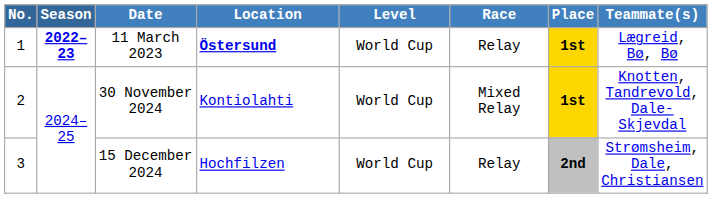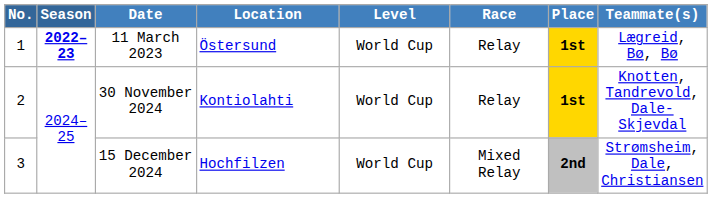 <table class="wikitable sortable" style="font-size:95%; text-align:center; border:grey solid 1px; border-collapse:collapse; background:#ffffff;">
 <tr style="background:#efefef;">
 <th style="background-color:#369; color:white;">No.</th>
 <th style="background-color:#369; color:white;">Season</th>
 <th style="background-color:#4180be; color:white; width:120px;">Date</th>
 <th style="background-color:#4180be; color:white; width:180px;">Location</th>
 <th style="background-color:#4180be; color:white; width:180px;">Level</th>
 <th style="background-color:#4180be; color:white; width:150px;">Race</th>
 <th style="background-color:#4180be; color:white;">Place</th>
 <th style="background-color:#4180be; color:white;">Teammate(s)</th>
 </tr>
 <tr>
 <td>1</td>
 <td><strong><a href='#'>2022–23</a></strong></td>
 <td>11 March 2023</td>
-<td align=left><strong> <a href='#'>Östersund</a></strong></td>
+<td align=left> <a href='#'>Östersund</a></td>
 <td>World Cup</td>
 <td>Relay</td>
 <td align=center bgcolor="gold"><strong>1st</strong></td>
 <td><a href='#'>Lægreid</a>, <a href='#'>Bø</a>, <a href='#'>Bø</a></td>
 </tr>
 <tr>
 <td>2</td>
 <td rowspan="2" align="center"><a href='#'>2024–25</a></td>
 <td>30 November 2024</td>
 <td align=left> <a href='#'>Kontiolahti</a></td>
 <td>World Cup</td>
-<td>Mixed Relay</td>
+<td>Relay</td>
 <td align=center bgcolor="gold"><strong>1st</strong></td>
 <td><a href='#'>Knotten</a>, <a href='#'>Tandrevold</a>, <a href='#'>Dale-Skjevdal</a></td>
 </tr>
 <tr>
 <td>3</td>
 <td>15 December 2024</td>
 <td align=left> <a href='#'>Hochfilzen</a></td>
 <td>World Cup</td>
-<td>Relay</td>
+<td>Mixed Relay</td>
 <td align=center bgcolor="silver"><strong>2nd</strong></td>
 <td><a href='#'>Strømsheim</a>, <a href='#'>Dale</a>, <a href='#'>Christiansen</a></td>
 </tr>
 </table>
